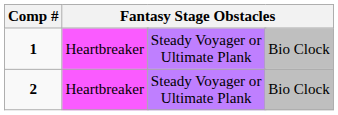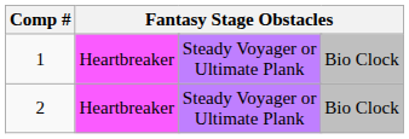 <table class="wikitable">
 <tr>
 <th>Comp #</th>
 <th colspan="6">Fantasy Stage Obstacles</th>
 </tr>
 <tr>
-<td colspan="1" align="center"><strong>1</strong></td>
+<td colspan="1" align="center">1</td>
 <td colspan="2" align="center" style="background-color: #fa5bff;">Heartbreaker</td>
 <td colspan="2" align="center" style="background-color: #bf7fff;">Steady Voyager or<br> Ultimate Plank</td>
 <td colspan="2" align="center" style="background-color: #BFBFBF;">Bio Clock</td>
 </tr>
 <tr>
-<td colspan="1" align="center"><strong>2</strong></td>
+<td colspan="1" align="center">2</td>
 <td colspan="2" align="center" style="background-color: #fa5bff;">Heartbreaker</td>
 <td colspan="2" align="center" style="background-color: #bf7fff;">Steady Voyager or<br> Ultimate Plank</td>
 <td colspan="2" align="center" style="background-color: #BFBFBF;">Bio Clock</td>
 </tr>
 </table>
